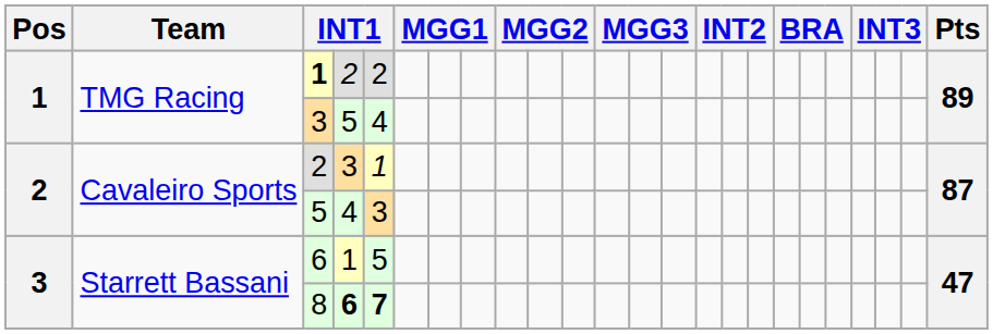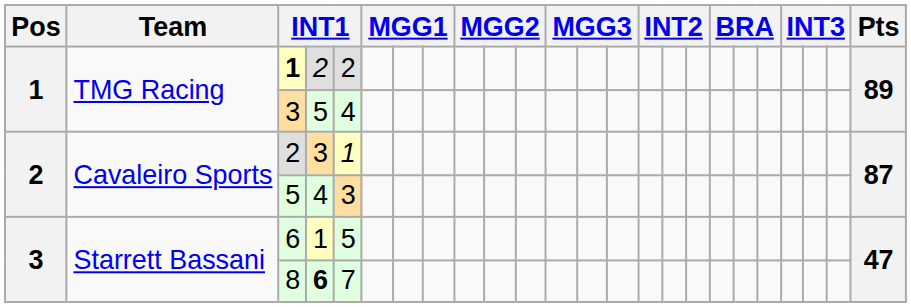 <table class="wikitable" style="font-size:85%; text-align:center">
 <tr>
 <th>Pos</th>
 <th>Team</th>
 <th colspan=3><a href='#'>INT1</a></th>
 <th colspan=3><a href='#'>MGG1</a></th>
 <th colspan=3><a href='#'>MGG2</a></th>
 <th colspan=3><a href='#'>MGG3</a></th>
 <th colspan=3><a href='#'>INT2</a></th>
 <th colspan=3><a href='#'>BRA</a></th>
 <th colspan=3><a href='#'>INT3</a></th>
 <th>Pts</th>
 </tr>
 <tr>
 <th rowspan=2>1</th>
 <td rowspan=2 style="text-align:left"><a href='#'>TMG Racing</a></td>
 <td style="background:#FFFFBF"><strong>1</strong></td>
 <td style="background:#DFDFDF"><em>2</em></td>
 <td style="background:#DFDFDF">2</td>
 <td></td>
 <td></td>
 <td></td>
 <td></td>
 <td></td>
 <td></td>
 <td></td>
 <td></td>
 <td></td>
 <td></td>
 <td></td>
 <td></td>
 <td></td>
 <td></td>
 <td></td>
 <td></td>
 <td></td>
 <td></td>
 <th rowspan=2>89</th>
 </tr>
 <tr>
 <td style="background:#FFDF9F">3</td>
 <td style="background:#DFFFDF">5</td>
 <td style="background:#DFFFDF">4</td>
 <td></td>
 <td></td>
 <td></td>
 <td></td>
 <td></td>
 <td></td>
 <td></td>
 <td></td>
 <td></td>
 <td></td>
 <td></td>
 <td></td>
 <td></td>
 <td></td>
 <td></td>
 <td></td>
 <td></td>
 <td></td>
 </tr>
 <tr>
 <th rowspan=2>2</th>
 <td rowspan=2><a href='#'>Cavaleiro Sports</a></td>
 <td style="background:#DFDFDF">2</td>
 <td style="background:#FFDF9F">3</td>
 <td style="background:#FFFFBF"><em>1</em></td>
 <td></td>
 <td></td>
 <td></td>
 <td></td>
 <td></td>
 <td></td>
 <td></td>
 <td></td>
 <td></td>
 <td></td>
 <td></td>
 <td></td>
 <td></td>
 <td></td>
 <td></td>
 <td></td>
 <td></td>
 <td></td>
 <th rowspan=2>87</th>
 </tr>
 <tr>
 <td style="background:#DFFFDF">5</td>
 <td style="background:#DFFFDF">4</td>
 <td style="background:#FFDF9F">3</td>
 <td></td>
 <td></td>
 <td></td>
 <td></td>
 <td></td>
 <td></td>
 <td></td>
 <td></td>
 <td></td>
 <td></td>
 <td></td>
 <td></td>
 <td></td>
 <td></td>
 <td></td>
 <td></td>
 <td></td>
 <td></td>
 </tr>
 <tr>
 <th rowspan=2>3</th>
 <td rowspan=2 style="text-align:left"><a href='#'>Starrett Bassani</a></td>
 <td style="background:#DFFFDF">6</td>
 <td style="background:#FFFFBF">1</td>
 <td style="background:#DFFFDF">5</td>
 <td></td>
 <td></td>
 <td></td>
 <td></td>
 <td></td>
 <td></td>
 <td></td>
 <td></td>
 <td></td>
 <td></td>
 <td></td>
 <td></td>
 <td></td>
 <td></td>
 <td></td>
 <td></td>
 <td></td>
 <td></td>
 <th rowspan=2>47</th>
 </tr>
 <tr>
 <td style="background:#DFFFDF">8</td>
 <td style="background:#DFFFDF"><strong>6</strong></td>
-<td style="background:#DFFFDF"><strong>7</strong></td>
+<td style="background:#DFFFDF">7</td>
 <td></td>
 <td></td>
 <td></td>
 <td></td>
 <td></td>
 <td></td>
 <td></td>
 <td></td>
 <td></td>
 <td></td>
 <td></td>
 <td></td>
 <td></td>
 <td></td>
 <td></td>
 <td></td>
 <td></td>
 <td></td>
 </tr>
 </table>
